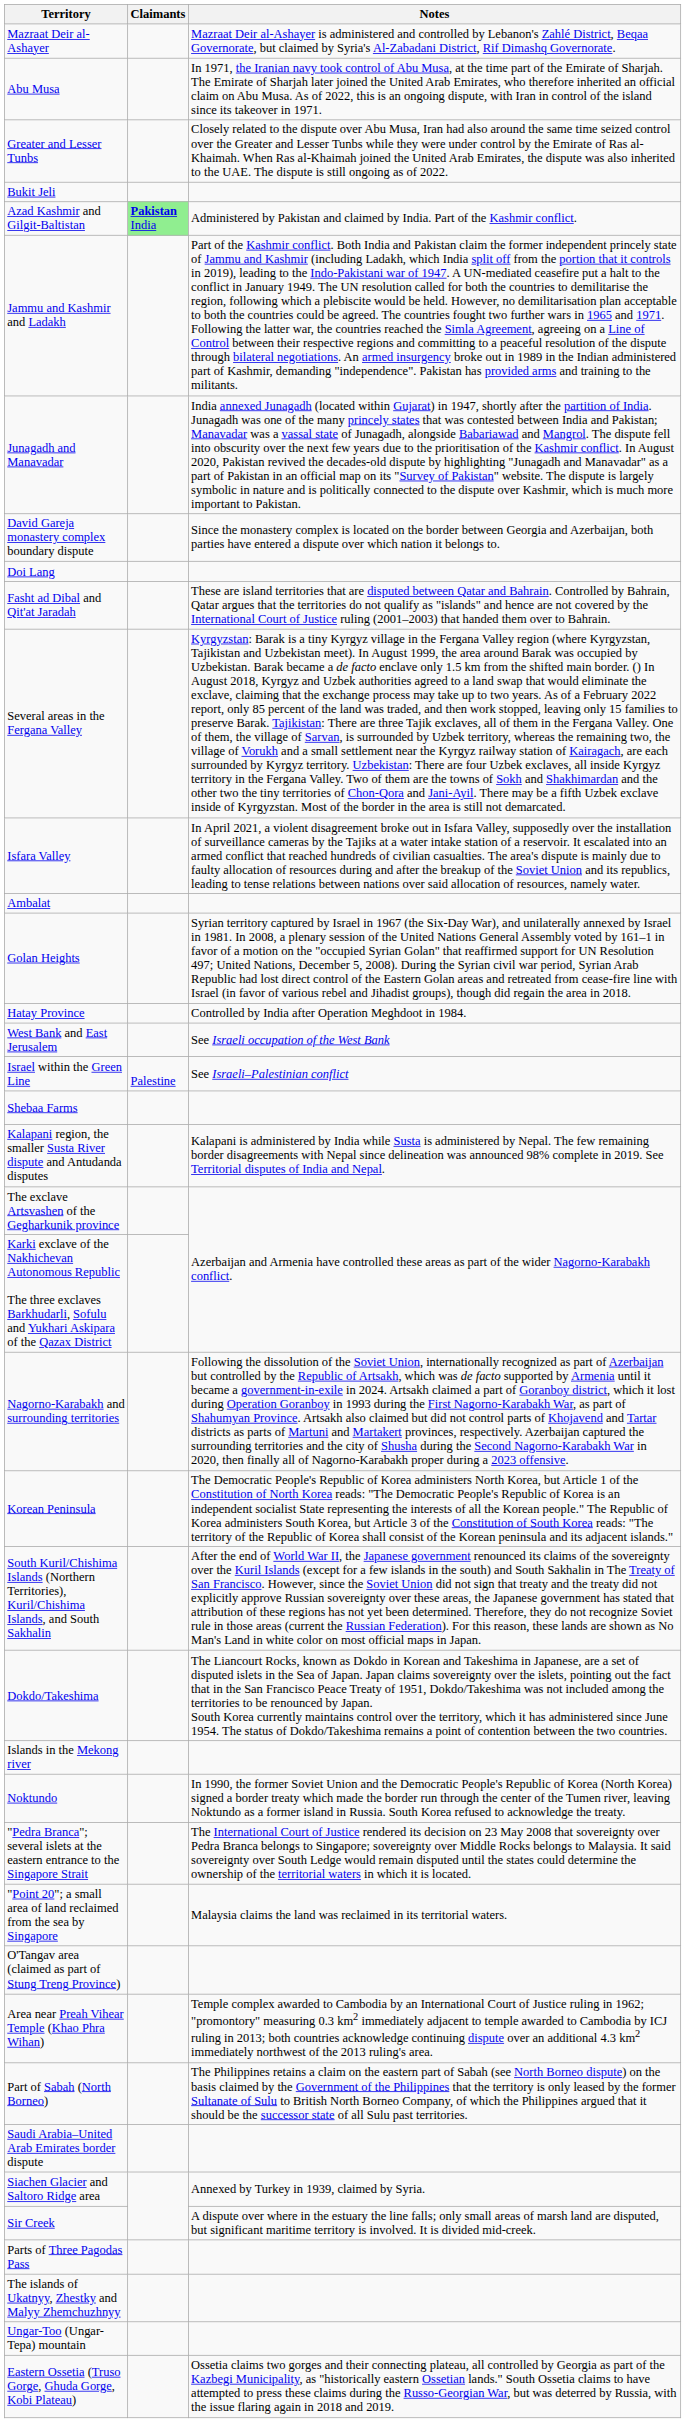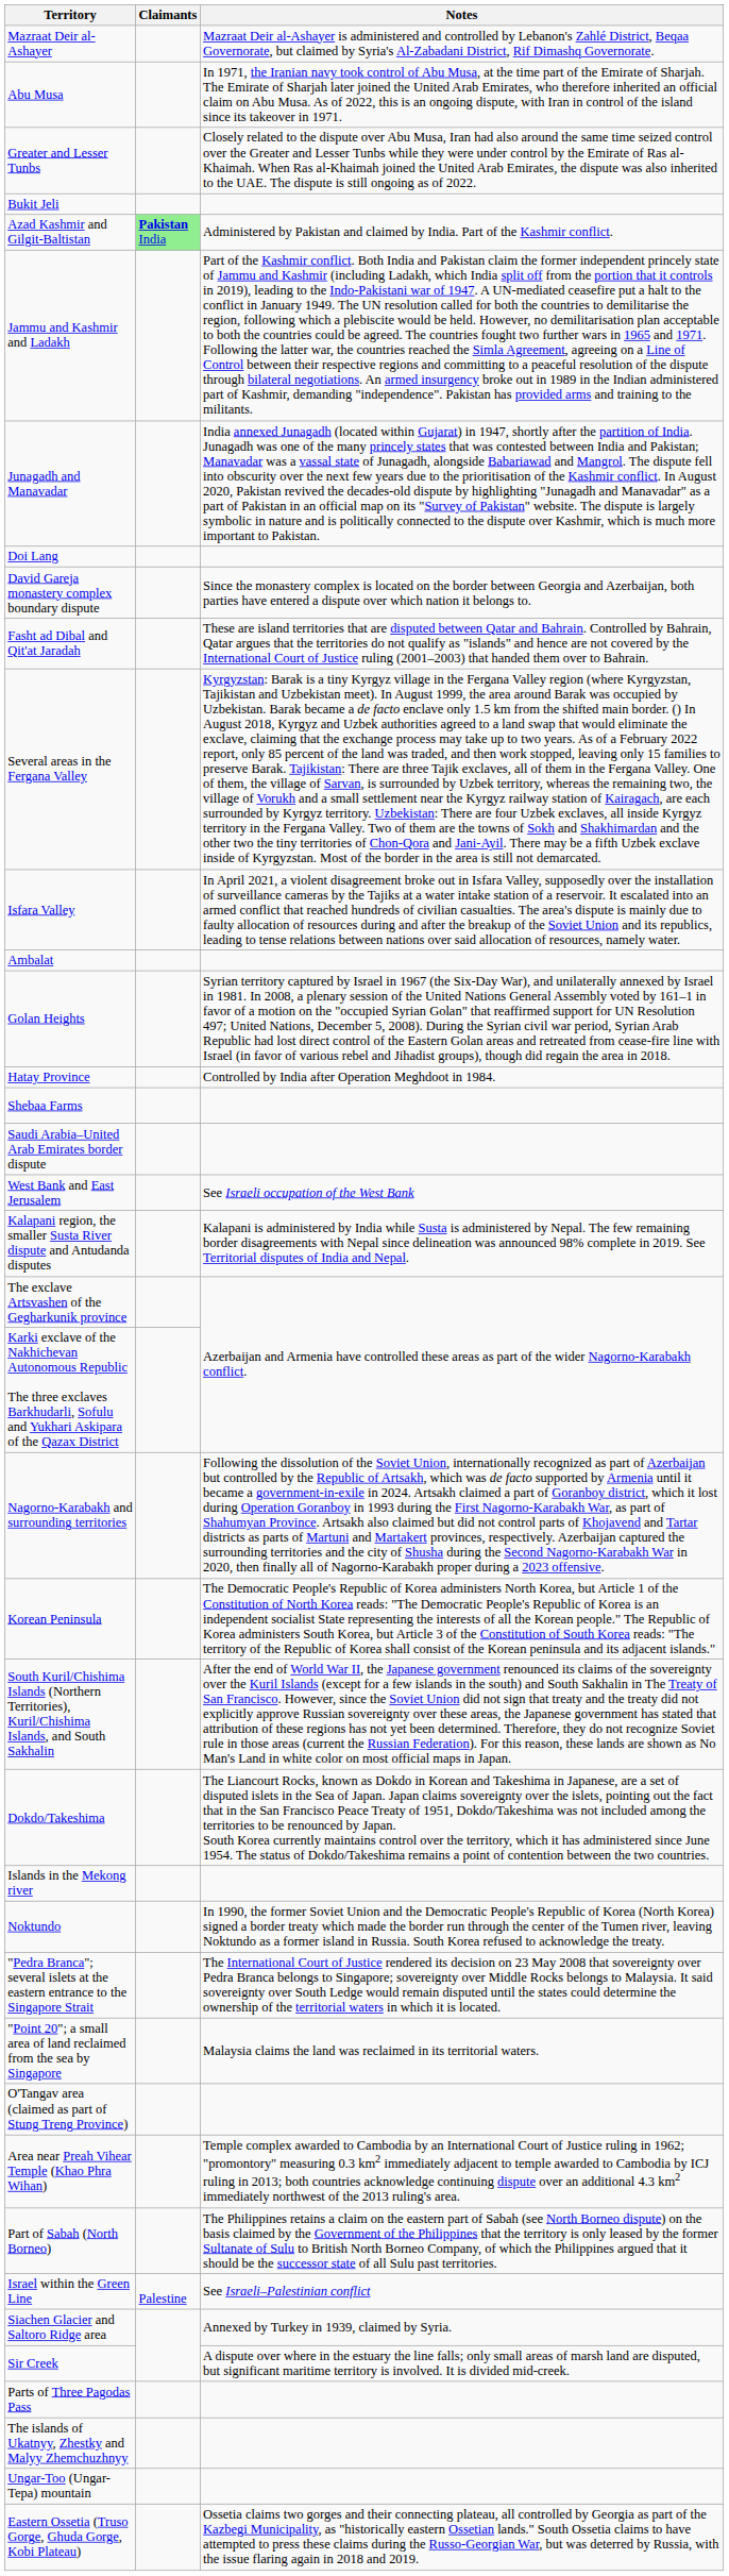 <table class="wikitable sortable">
 <tr>
 <th>Territory</th>
 <th>Claimants</th>
 <th>Notes</th>
 </tr>
 <tr>
 <td><a href='#'>Mazraat Deir al-Ashayer</a></td>
 <td><strong></strong><br></td>
 <td><a href='#'>Mazraat Deir al-Ashayer</a> is administered and controlled by Lebanon's <a href='#'>Zahlé District</a>, <a href='#'>Beqaa Governorate</a>, but claimed by Syria's <a href='#'>Al-Zabadani District</a>, <a href='#'>Rif Dimashq Governorate</a>.</td>
 </tr>
 <tr>
 <td><a href='#'>Abu Musa</a></td>
 <td></td>
 <td>In 1971, <a href='#'>the Iranian navy took control of Abu Musa</a>, at the time part of the Emirate of Sharjah. The Emirate of Sharjah later joined the United Arab Emirates, who therefore inherited an official claim on Abu Musa. As of 2022, this is an ongoing dispute, with Iran in control of the island since its takeover in 1971.</td>
 </tr>
 <tr>
 <td><a href='#'>Greater and Lesser Tunbs</a></td>
 <td><strong></strong><br></td>
 <td>Closely related to the dispute over Abu Musa, Iran had also around the same time seized control over the Greater and Lesser Tunbs while they were under control by the Emirate of Ras al-Khaimah. When Ras al-Khaimah joined the United Arab Emirates, the dispute was also inherited to the UAE. The dispute is still ongoing as of 2022.</td>
 </tr>
 <tr>
 <td><a href='#'>Bukit Jeli</a></td>
 <td><strong></strong><br></td>
 <td></td>
 </tr>
 <tr>
 <td><a href='#'>Azad Kashmir</a> and <a href='#'>Gilgit-Baltistan</a></td>
 <td style="background: lightgreen;"><strong> <a href='#'>Pakistan</a></strong><br> <a href='#'>India</a></td>
 <td>Administered by Pakistan and claimed by India. Part of the <a href='#'>Kashmir conflict</a>.</td>
 </tr>
 <tr>
 <td><a href='#'>Jammu and Kashmir</a> and <a href='#'>Ladakh</a></td>
 <td><strong></strong><br></td>
 <td>Part of the <a href='#'>Kashmir conflict</a>. Both India and Pakistan claim the former independent princely state of <a href='#'>Jammu and Kashmir</a> (including Ladakh, which India <a href='#'>split off</a> from the <a href='#'>portion that it controls</a> in 2019), leading to the <a href='#'>Indo-Pakistani war of 1947</a>. A UN-mediated ceasefire put a halt to the conflict in January 1949. The UN resolution called for both the countries to demilitarise the region, following which a plebiscite would be held. However, no demilitarisation plan acceptable to both the countries could be agreed. The countries fought two further wars in <a href='#'>1965</a> and <a href='#'>1971</a>. Following the latter war, the countries reached the <a href='#'>Simla Agreement</a>, agreeing on a <a href='#'>Line of Control</a> between their respective regions and committing to a peaceful resolution of the dispute through <a href='#'>bilateral negotiations</a>. An <a href='#'>armed insurgency</a> broke out in 1989 in the Indian administered part of Kashmir, demanding "independence". Pakistan has <a href='#'>provided arms</a> and training to the militants.</td>
 </tr>
 <tr>
 <td><a href='#'>Junagadh and Manavadar</a></td>
 <td><strong></strong><br></td>
 <td>India <a href='#'>annexed Junagadh</a> (located within <a href='#'>Gujarat</a>) in 1947, shortly after the <a href='#'>partition of India</a>. Junagadh was one of the many <a href='#'>princely states</a> that was contested between India and Pakistan; <a href='#'>Manavadar</a> was a <a href='#'>vassal state</a> of Junagadh, alongside <a href='#'>Babariawad</a> and <a href='#'>Mangrol</a>. The dispute fell into obscurity over the next few years due to the prioritisation of the <a href='#'>Kashmir conflict</a>. In August 2020, Pakistan revived the decades-old dispute by highlighting "Junagadh and Manavadar" as a part of Pakistan in an official map on its "<a href='#'>Survey of Pakistan</a>" website. The dispute is largely symbolic in nature and is politically connected to the dispute over Kashmir, which is much more important to Pakistan.</td>
 </tr>
 <tr>
+<td><a href='#'>Doi Lang</a></td>
+<td><strong></strong><br></td>
+<td></td>
+</tr>
+<tr>
 <td><a href='#'>David Gareja monastery complex</a> boundary dispute</td>
 <td><strong></strong><br></td>
 <td>Since the monastery complex is located on the border between Georgia and Azerbaijan, both parties have entered a dispute over which nation it belongs to.</td>
-</tr>
-<tr>
-<td><a href='#'>Doi Lang</a></td>
-<td><strong></strong><br></td>
-<td></td>
 </tr>
 <tr>
 <td><a href='#'>Fasht ad Dibal</a> and <a href='#'>Qit'at Jaradah</a></td>
 <td><strong></strong><br></td>
 <td>These are island territories that are <a href='#'>disputed between Qatar and Bahrain</a>. Controlled by Bahrain, Qatar argues that the territories do not qualify as "islands" and hence are not covered by the <a href='#'>International Court of Justice</a> ruling (2001–2003) that handed them over to Bahrain.</td>
 </tr>
 <tr>
 <td>Several areas in the <a href='#'>Fergana Valley</a></td>
 <td><strong></strong><br><strong></strong><br><strong></strong></td>
 <td><a href='#'>Kyrgyzstan</a>: Barak is a tiny Kyrgyz village in the Fergana Valley region (where Kyrgyzstan, Tajikistan and Uzbekistan meet). In August 1999, the area around Barak was occupied by Uzbekistan. Barak became a <em>de facto</em> enclave only 1.5 km from the shifted main border. () In August 2018, Kyrgyz and Uzbek authorities agreed to a land swap that would eliminate the exclave, claiming that the exchange process may take up to two years. As of a February 2022 report, only 85 percent of the land was traded, and then work stopped, leaving only 15 families to preserve Barak. <a href='#'>Tajikistan</a>: There are three Tajik exclaves, all of them in the Fergana Valley. One of them, the village of <a href='#'>Sarvan</a>, is surrounded by Uzbek territory, whereas the remaining two, the village of <a href='#'>Vorukh</a> and a small settlement near the Kyrgyz railway station of <a href='#'>Kairagach</a>, are each surrounded by Kyrgyz territory. <a href='#'>Uzbekistan</a>: There are four Uzbek exclaves, all inside Kyrgyz territory in the Fergana Valley. Two of them are the towns of <a href='#'>Sokh</a> and <a href='#'>Shakhimardan</a> and the other two the tiny territories of <a href='#'>Chon-Qora</a> and <a href='#'>Jani-Ayil</a>. There may be a fifth Uzbek exclave inside of Kyrgyzstan. Most of the border in the area is still not demarcated.</td>
 </tr>
 <tr>
 <td><a href='#'>Isfara Valley</a></td>
 <td><br><strong></strong></td>
 <td>In April 2021, a violent disagreement broke out in Isfara Valley, supposedly over the installation of surveillance cameras by the Tajiks at a water intake station of a reservoir. It escalated into an armed conflict that reached hundreds of civilian casualties. The area's dispute is mainly due to faulty allocation of resources during and after the breakup of the <a href='#'>Soviet Union</a> and its republics, leading to tense relations between nations over said allocation of resources, namely water.</td>
 </tr>
 <tr>
 <td><a href='#'>Ambalat</a></td>
 <td><strong></strong><br><strong></strong></td>
 <td></td>
 </tr>
 <tr>
 <td><a href='#'>Golan Heights</a></td>
 <td><strong></strong><br></td>
 <td>Syrian territory captured by Israel in 1967 (the Six-Day War), and unilaterally annexed by Israel in 1981. In 2008, a plenary session of the United Nations General Assembly voted by 161–1 in favor of a motion on the "occupied Syrian Golan" that reaffirmed support for UN Resolution 497; United Nations, December 5, 2008). During the Syrian civil war period, Syrian Arab Republic had lost direct control of the Eastern Golan areas and retreated from cease-fire line with Israel (in favor of various rebel and Jihadist groups), though did regain the area in 2018.</td>
 </tr>
 <tr>
 <td><a href='#'>Hatay Province</a></td>
 <td><strong></strong><br></td>
 <td>Controlled by India after Operation Meghdoot in 1984.</td>
 </tr>
 <tr>
+<td><a href='#'>Shebaa Farms</a></td>
+<td><strong></strong><br><br></td>
+<td></td>
+</tr>
+<tr>
+<td><a href='#'>Saudi Arabia–United Arab Emirates border</a> dispute</td>
+<td><strong></strong><br><strong></strong></td>
+<td></td>
+</tr>
+<tr>
 <td><a href='#'>West Bank</a> and <a href='#'>East Jerusalem</a></td>
 <td><strong></strong><br><strong></strong><br> </td>
 <td>See <em><a href='#'>Israeli occupation of the West Bank</a></em></td>
-</tr>
-<tr>
-<td><a href='#'>Israel</a> within the <a href='#'>Green Line</a></td>
-<td><strong></strong><br> <a href='#'>Palestine</a></td>
-<td>See <em><a href='#'>Israeli–Palestinian conflict</a></em></td>
-</tr>
-<tr>
-<td><a href='#'>Shebaa Farms</a></td>
-<td><strong></strong><br><br></td>
-<td></td>
 </tr>
 <tr>
 <td><a href='#'>Kalapani</a> region, the smaller <a href='#'>Susta River dispute</a> and Antudanda disputes</td>
 <td><strong></strong><br></td>
 <td>Kalapani is administered by India while <a href='#'>Susta</a> is administered by Nepal. The few remaining border disagreements with Nepal since delineation was announced 98% complete in 2019. See <a href='#'>Territorial disputes of India and Nepal</a>.</td>
 </tr>
 <tr>
 <td>The exclave <a href='#'>Artsvashen</a> of the <a href='#'>Gegharkunik province</a></td>
 <td><strong></strong><br></td>
 <td rowspan="2">Azerbaijan and Armenia have controlled these areas as part of the wider <a href='#'>Nagorno-Karabakh conflict</a>.</td>
 </tr>
 <tr>
 <td><a href='#'>Karki</a> exclave of the <a href='#'>Nakhichevan Autonomous Republic</a><br><br>The three exclaves <a href='#'>Barkhudarli</a>, <a href='#'>Sofulu</a> and <a href='#'>Yukhari Askipara</a> of the <a href='#'>Qazax District</a></td>
 <td><strong></strong><br></td>
 </tr>
 <tr>
 <td><a href='#'>Nagorno-Karabakh</a> and <a href='#'>surrounding territories</a></td>
 <td><strong></strong><br><br></td>
 <td>Following the dissolution of the <a href='#'>Soviet Union</a>, internationally recognized as part of <a href='#'>Azerbaijan</a> but controlled by the <a href='#'>Republic of Artsakh</a>, which was <em>de facto</em> supported by <a href='#'>Armenia</a> until it became a <a href='#'>government-in-exile</a> in 2024. Artsakh claimed a part of <a href='#'>Goranboy district</a>, which it lost during <a href='#'>Operation Goranboy</a> in 1993 during the <a href='#'>First Nagorno-Karabakh War</a>, as part of <a href='#'>Shahumyan Province</a>. Artsakh also claimed but did not control parts of <a href='#'>Khojavend</a> and <a href='#'>Tartar</a> districts as parts of <a href='#'>Martuni</a> and <a href='#'>Martakert</a> provinces, respectively. Azerbaijan captured the surrounding territories and the city of <a href='#'>Shusha</a> during the <a href='#'>Second Nagorno-Karabakh War</a> in 2020, then finally all of Nagorno-Karabakh proper during a <a href='#'>2023 offensive</a>.</td>
 </tr>
 <tr>
 <td><a href='#'>Korean Peninsula</a></td>
 <td><em></em><br><em></em></td>
 <td>The Democratic People's Republic of Korea administers North Korea, but Article 1 of the <a href='#'>Constitution of North Korea</a> reads: "The Democratic People's Republic of Korea is an independent socialist State representing the interests of all the Korean people." The Republic of Korea administers South Korea, but Article 3 of the <a href='#'>Constitution of South Korea</a> reads: "The territory of the Republic of Korea shall consist of the Korean peninsula and its adjacent islands."</td>
 </tr>
 <tr>
 <td><a href='#'>South Kuril/Chishima Islands</a> (Northern Territories), <a href='#'>Kuril/Chishima Islands</a>, and South <a href='#'>Sakhalin</a></td>
 <td><strong></strong><br></td>
 <td>After the end of <a href='#'>World War II</a>, the <a href='#'>Japanese government</a> renounced its claims of the sovereignty over the <a href='#'>Kuril Islands</a> (except for a few islands in the south) and South Sakhalin in The <a href='#'>Treaty of San Francisco</a>. However, since the <a href='#'>Soviet Union</a> did not sign that treaty and the treaty did not explicitly approve Russian sovereignty over these areas, the Japanese government has stated that attribution of these regions has not yet been determined. Therefore, they do not recognize Soviet rule in those areas (current the <a href='#'>Russian Federation</a>). For this reason, these lands are shown as No Man's Land in white color on most official maps in Japan.</td>
 </tr>
 <tr>
 <td><a href='#'>Dokdo/Takeshima</a></td>
 <td><strong></strong><br><br></td>
 <td> The Liancourt Rocks, known as Dokdo in Korean and Takeshima in Japanese, are a set of disputed islets in the Sea of Japan. Japan claims sovereignty over the islets, pointing out the fact that in the San Francisco Peace Treaty of 1951, Dokdo/Takeshima was not included among the territories to be renounced by Japan.<br>South Korea currently maintains control over the territory, which it has administered since June 1954. The status of Dokdo/Takeshima remains a point of contention between the two countries.</td>
 </tr>
 <tr>
 <td>Islands in the <a href='#'>Mekong river</a></td>
 <td><em></em><br><em></em></td>
 <td></td>
 </tr>
 <tr>
 <td><a href='#'>Noktundo</a></td>
 <td><strong></strong><br></td>
 <td>In 1990, the former Soviet Union and the Democratic People's Republic of Korea (North Korea) signed a border treaty which made the border run through the center of the Tumen river, leaving Noktundo as a former island in Russia. South Korea refused to acknowledge the treaty.</td>
 </tr>
 <tr>
 <td>"<a href='#'>Pedra Branca</a>"; several islets at the eastern entrance to the <a href='#'>Singapore Strait</a></td>
 <td><strong></strong><br></td>
 <td>The <a href='#'>International Court of Justice</a> rendered its decision on 23 May 2008 that sovereignty over Pedra Branca belongs to Singapore; sovereignty over Middle Rocks belongs to Malaysia. It said sovereignty over South Ledge would remain disputed until the states could determine the ownership of the <a href='#'>territorial waters</a> in which it is located.</td>
 </tr>
 <tr>
 <td>"<a href='#'>Point 20</a>"; a small area of land reclaimed from the sea by <a href='#'>Singapore</a></td>
 <td><strong></strong><br></td>
 <td>Malaysia claims the land was reclaimed in its territorial waters.</td>
 </tr>
 <tr>
 <td>O'Tangav area (claimed as part of <a href='#'>Stung Treng Province</a>)</td>
 <td><strong></strong><br></td>
 <td></td>
 </tr>
 <tr>
 <td>Area near <a href='#'>Preah Vihear Temple</a> (<a href='#'>Khao Phra Wihan</a>)</td>
 <td><strong></strong><br></td>
 <td>Temple complex awarded to Cambodia by an International Court of Justice ruling in 1962; "promontory" measuring 0.3 km<sup>2</sup> immediately adjacent to temple awarded to Cambodia by ICJ ruling in 2013; both countries acknowledge continuing <a href='#'>dispute</a> over an additional 4.3 km<sup>2</sup> immediately northwest of the 2013 ruling's area.</td>
 </tr>
 <tr>
 <td>Part of <a href='#'>Sabah</a> (<a href='#'>North Borneo</a>)</td>
 <td><strong></strong><br></td>
 <td>The Philippines retains a claim on the eastern part of Sabah (see <a href='#'>North Borneo dispute</a>) on the basis claimed by the <a href='#'>Government of the Philippines</a> that the territory is only leased by the former <a href='#'>Sultanate of Sulu</a> to British North Borneo Company, of which the Philippines argued that it should be the <a href='#'>successor state</a> of all Sulu past territories.</td>
 </tr>
 <tr>
-<td><a href='#'>Saudi Arabia–United Arab Emirates border</a> dispute</td>
-<td><strong></strong><br><strong></strong></td>
-<td></td>
+<td><a href='#'>Israel</a> within the <a href='#'>Green Line</a></td>
+<td><strong></strong><br> <a href='#'>Palestine</a></td>
+<td>See <em><a href='#'>Israeli–Palestinian conflict</a></em></td>
 </tr>
 <tr>
 <td><a href='#'>Siachen Glacier</a> and <a href='#'>Saltoro Ridge</a> area</td>
 <td rowspan="2"><strong></strong><br><strong></strong></td>
 <td>Annexed by Turkey in 1939, claimed by Syria.</td>
 </tr>
 <tr>
 <td><a href='#'>Sir Creek</a></td>
 <td>A dispute over where in the estuary the line falls; only small areas of marsh land are disputed, but significant maritime territory is involved. It is divided mid-creek.</td>
 </tr>
 <tr>
 <td>Parts of <a href='#'>Three Pagodas Pass</a></td>
 <td><strong></strong><br><strong></strong></td>
 <td></td>
 </tr>
 <tr>
 <td>The islands of <a href='#'>Ukatnyy</a>, <a href='#'>Zhestky</a> and <a href='#'>Malyy Zhemchuzhnyy</a></td>
 <td><strong></strong><br></td>
 <td></td>
 </tr>
 <tr>
 <td><a href='#'>Ungar-Too</a> (Ungar-Tepa) mountain</td>
 <td><br><strong></strong></td>
 <td></td>
 </tr>
 <tr>
 <td><a href='#'>Eastern Ossetia</a> (<a href='#'>Truso Gorge</a>, <a href='#'>Ghuda Gorge</a>, <a href='#'>Kobi Plateau</a>)</td>
 <td><br><strong></strong><br></td>
 <td>Ossetia claims two gorges and their connecting plateau, all controlled by Georgia as part of the <a href='#'>Kazbegi Municipality</a>, as "historically eastern <a href='#'>Ossetian</a> lands." South Ossetia claims to have attempted to press these claims during the <a href='#'>Russo-Georgian War</a>, but was deterred by Russia, with the issue flaring again in 2018 and 2019.</td>
 </tr>
 </table>
